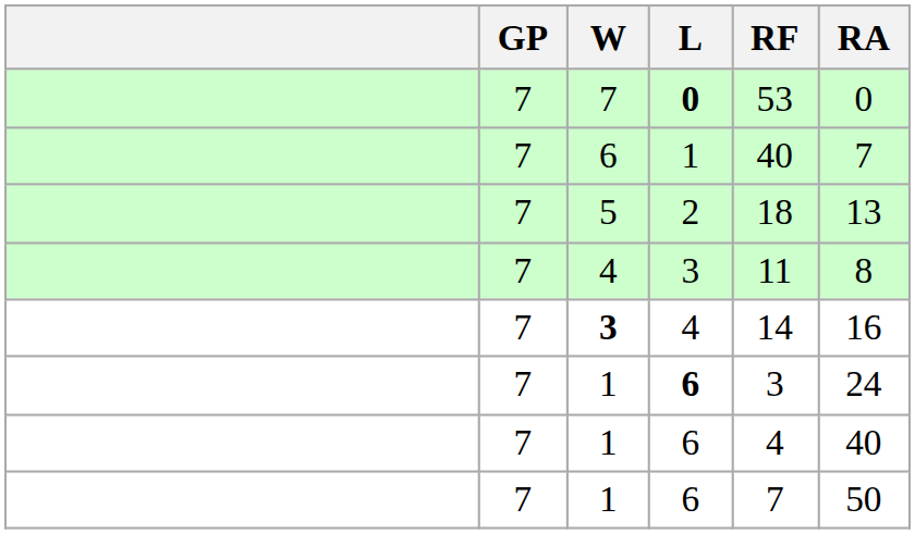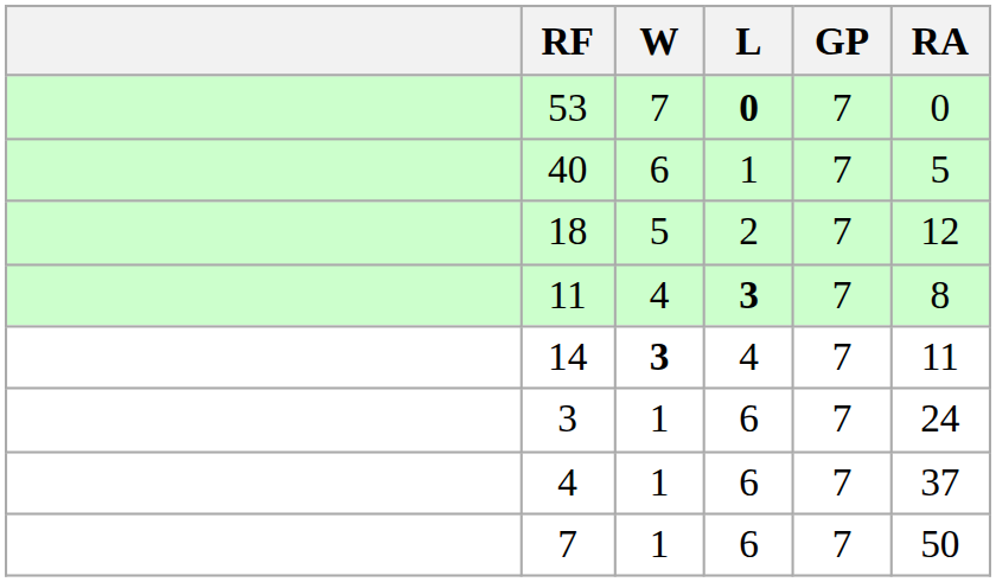 <table class="wikitable" width="400" style="text-align:center;">
 <tr>
 <th bgcolor="#efefef" width="150">　</th>
-<th bgcolor="#efefef" width="20">GP</th>
+<th bgcolor="#efefef" width="20">RF</th>
 <th bgcolor="#efefef" width="20">W</th>
 <th bgcolor="#efefef" width="20">L</th>
-<th bgcolor="#efefef" width="20">RF</th>
+<th bgcolor="#efefef" width="20">GP</th>
 <th bgcolor="#efefef" width="20">RA</th>
 </tr>
 <tr align=center bgcolor="#ccffcc">
 <td align=left></td>
-<td>7</td>
+<td>53</td>
 <td>7</td>
 <td><strong>0</strong></td>
-<td>53</td>
+<td>7</td>
 <td>0</td>
 </tr>
 <tr align=center bgcolor="#ccffcc">
 <td align=left></td>
-<td>7</td>
+<td>40</td>
 <td>6</td>
 <td>1</td>
-<td>40</td>
 <td>7</td>
+<td>5</td>
 </tr>
 <tr align=center bgcolor="#ccffcc">
 <td align=left></td>
-<td>7</td>
+<td>18</td>
 <td>5</td>
 <td>2</td>
-<td>18</td>
-<td>13</td>
+<td>7</td>
+<td>12</td>
 </tr>
 <tr align=center bgcolor="#ccffcc">
 <td align=left></td>
+<td>11</td>
+<td>4</td>
+<td><strong>3</strong></td>
 <td>7</td>
-<td>4</td>
-<td>3</td>
-<td>11</td>
 <td>8</td>
 </tr>
 <tr align=center bgcolor="#ffffff">
 <td align=left></td>
-<td>7</td>
+<td>14</td>
 <td><strong>3</strong></td>
 <td>4</td>
-<td>14</td>
-<td>16</td>
+<td>7</td>
+<td>11</td>
 </tr>
 <tr align=center bgcolor="#ffffff">
 <td align=left></td>
+<td>3</td>
+<td>1</td>
+<td>6</td>
 <td>7</td>
-<td>1</td>
-<td><strong>6</strong></td>
-<td>3</td>
 <td>24</td>
 </tr>
 <tr align=center bgcolor="#ffffff">
 <td align=left></td>
-<td>7</td>
+<td>4</td>
 <td>1</td>
 <td>6</td>
-<td>4</td>
-<td>40</td>
+<td>7</td>
+<td>37</td>
 </tr>
 <tr align=center bgcolor="#ffffff">
 <td align=left></td>
 <td>7</td>
 <td>1</td>
 <td>6</td>
 <td>7</td>
 <td>50</td>
 </tr>
 </table>
